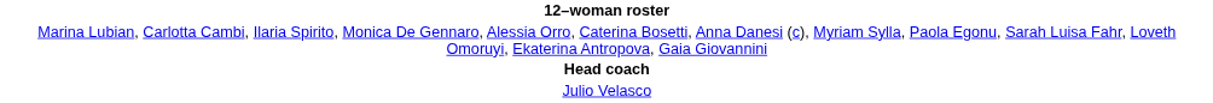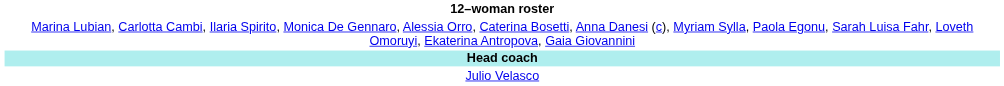 <table style="text-align: center; margin-top:2em; margin-left: auto; margin-right:auto">
 <tr>
 <td><strong>12–woman roster</strong></td>
 </tr>
 <tr>
 <td><a href='#'>Marina Lubian</a>, <a href='#'>Carlotta Cambi</a>, <a href='#'>Ilaria Spirito</a>, <a href='#'>Monica De Gennaro</a>, <a href='#'>Alessia Orro</a>, <a href='#'>Caterina Bosetti</a>, <a href='#'>Anna Danesi</a> (<a href='#'>c</a>), <a href='#'>Myriam Sylla</a>, <a href='#'>Paola Egonu</a>, <a href='#'>Sarah Luisa Fahr</a>, <a href='#'>Loveth Omoruyi</a>, <a href='#'>Ekaterina Antropova</a>, <a href='#'>Gaia Giovannini</a></td>
 </tr>
 <tr>
-<td><strong>Head coach</strong></td>
+<td style="background: paleturquoise;"><strong>Head coach</strong></td>
 </tr>
 <tr>
 <td>  <a href='#'>Julio Velasco</a></td>
 </tr>
 </table>
